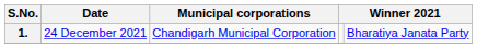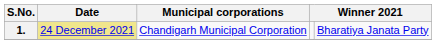 <table class="wikitable sortable">
 <tr>
 <th>S.No.</th>
 <th>Date</th>
 <th>Municipal corporations</th>
 <th colspan="2">Winner 2021</th>
 </tr>
 <tr>
 <th>1.</th>
-<td><a href='#'>24 December 2021</a></td>
+<td style="background: khaki;"><a href='#'>24 December 2021</a></td>
 <td><a href='#'>Chandigarh Municipal Corporation</a></td>
 <td></td>
 <td><a href='#'>Bharatiya Janata Party </a></td>
 </tr>
 <tr>
 </tr>
 </table>
